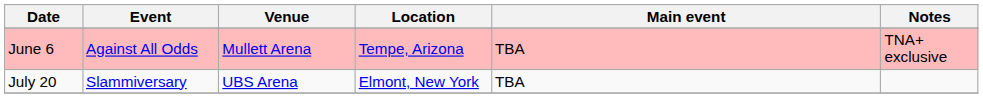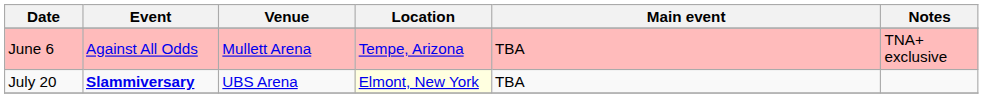 <table class="sortable wikitable succession-box" style="font-size:85%;">
 <tr>
 <th width="8%">Date</th>
 <th width="14%">Event</th>
 <th width="14%">Venue</th>
 <th width="14%">Location</th>
 <th width="40%">Main event</th>
 <th width="14%">Notes</th>
 </tr>
 <tr>
 </tr>
 <tr style="background: #FBB">
 <td>June 6</td>
 <td><a href='#'>Against All Odds</a></td>
 <td><a href='#'>Mullett Arena</a></td>
 <td><a href='#'>Tempe, Arizona</a></td>
 <td>TBA</td>
 <td>TNA+ exclusive</td>
 </tr>
 <tr>
 <td>July 20</td>
-<td><a href='#'>Slammiversary</a></td>
+<td><strong><a href='#'>Slammiversary</a></strong></td>
 <td><a href='#'>UBS Arena</a></td>
-<td><a href='#'>Elmont, New York</a></td>
+<td style="background: lightyellow;"><a href='#'>Elmont, New York</a></td>
 <td>TBA</td>
 <td></td>
 </tr>
 <tr>
 </tr>
 </table>
